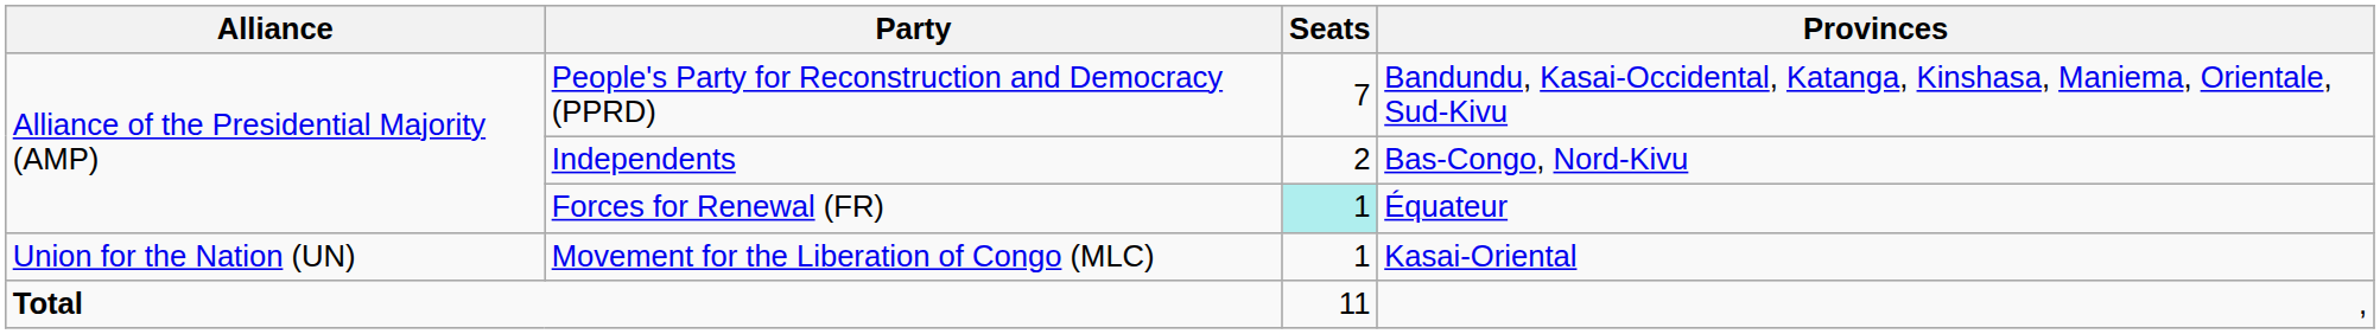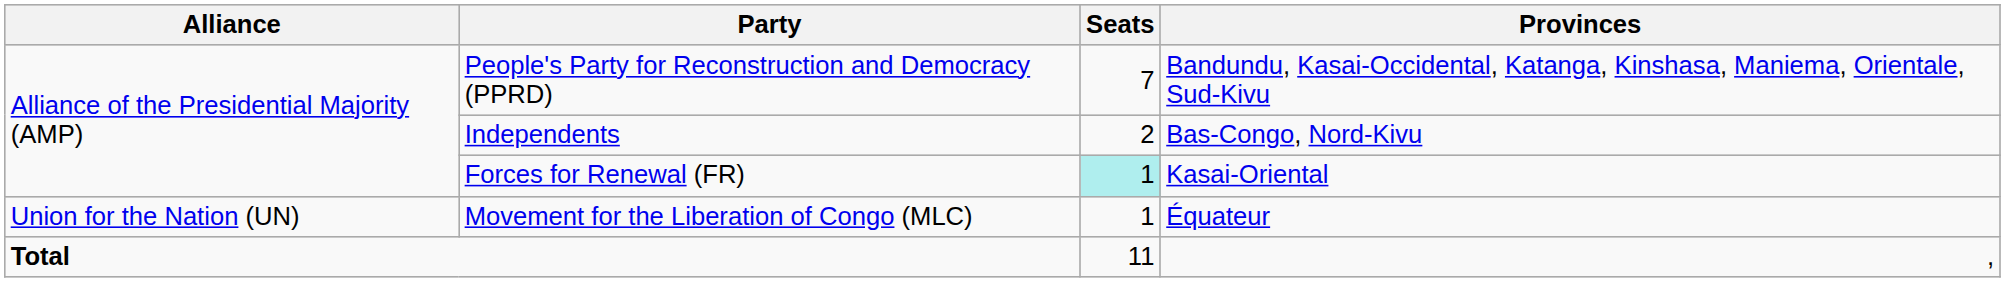 <table class="wikitable" style="text-align:center;">
 <tr>
 <th>Alliance</th>
 <th>Party</th>
 <th>Seats</th>
 <th>Provinces</th>
 </tr>
 <tr>
 <td align="left" rowspan="3"><a href='#'>Alliance of the Presidential Majority</a> (AMP)</td>
 <td align="left"><a href='#'>People's Party for Reconstruction and Democracy</a> (PPRD)</td>
 <td align="right">7</td>
 <td align="left"><a href='#'>Bandundu</a>, <a href='#'>Kasai-Occidental</a>, <a href='#'>Katanga</a>, <a href='#'>Kinshasa</a>, <a href='#'>Maniema</a>, <a href='#'>Orientale</a>, <a href='#'>Sud-Kivu</a></td>
 </tr>
 <tr>
 <td align="left"><a href='#'>Independents</a></td>
 <td align="right">2</td>
 <td align="left"><a href='#'>Bas-Congo</a>, <a href='#'>Nord-Kivu</a></td>
 </tr>
 <tr>
 <td align="left"><a href='#'>Forces for Renewal</a> (FR)</td>
 <td align="right" style="background: paleturquoise;">1</td>
-<td align="left"><a href='#'>Équateur</a></td>
+<td align="left"><a href='#'>Kasai-Oriental</a></td>
 </tr>
 <tr>
 <td align="left"><a href='#'>Union for the Nation</a> (UN)</td>
 <td align="left"><a href='#'>Movement for the Liberation of Congo</a> (MLC)</td>
 <td align="right">1</td>
-<td align="left"><a href='#'>Kasai-Oriental</a></td>
+<td align="left"><a href='#'>Équateur</a></td>
 </tr>
 <tr>
 <td align="left" colspan="2"><strong>Total</strong></td>
 <td align="right">11</td>
 <td align="right">, </td>
 </tr>
 </table>
